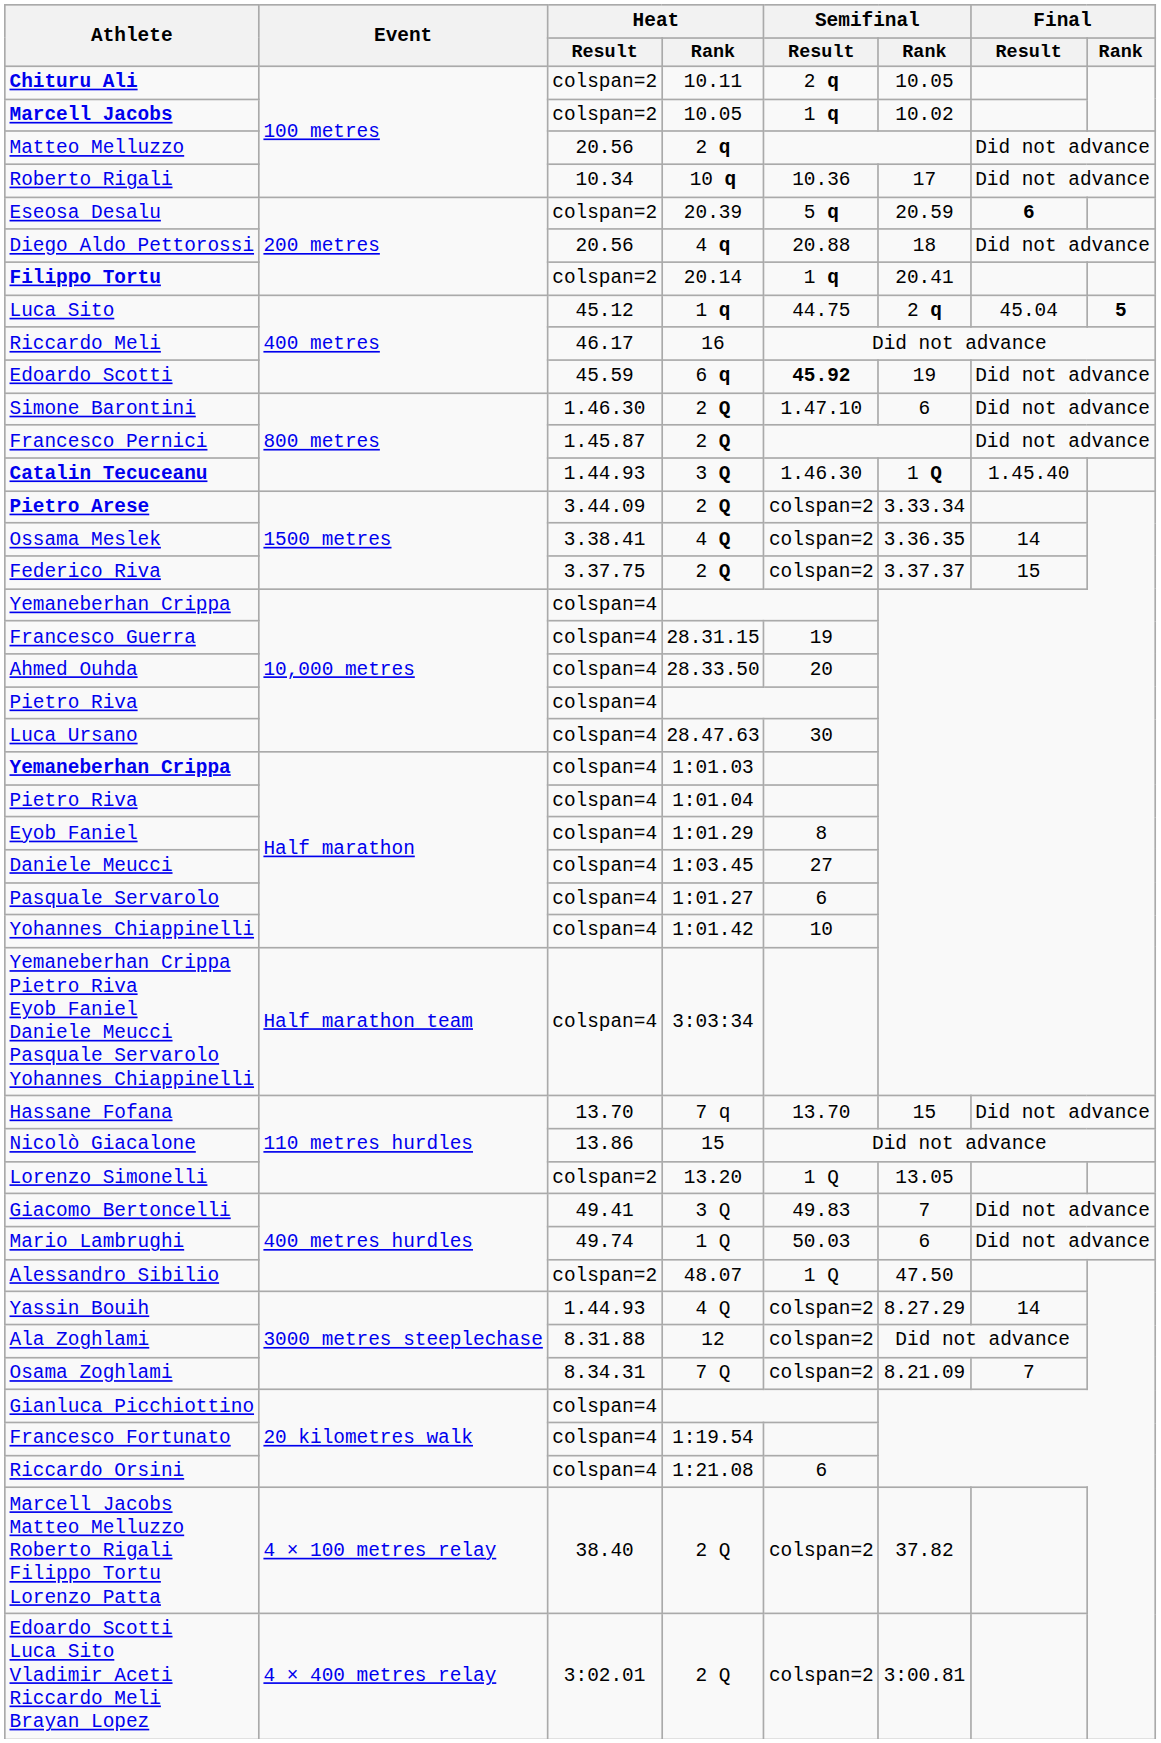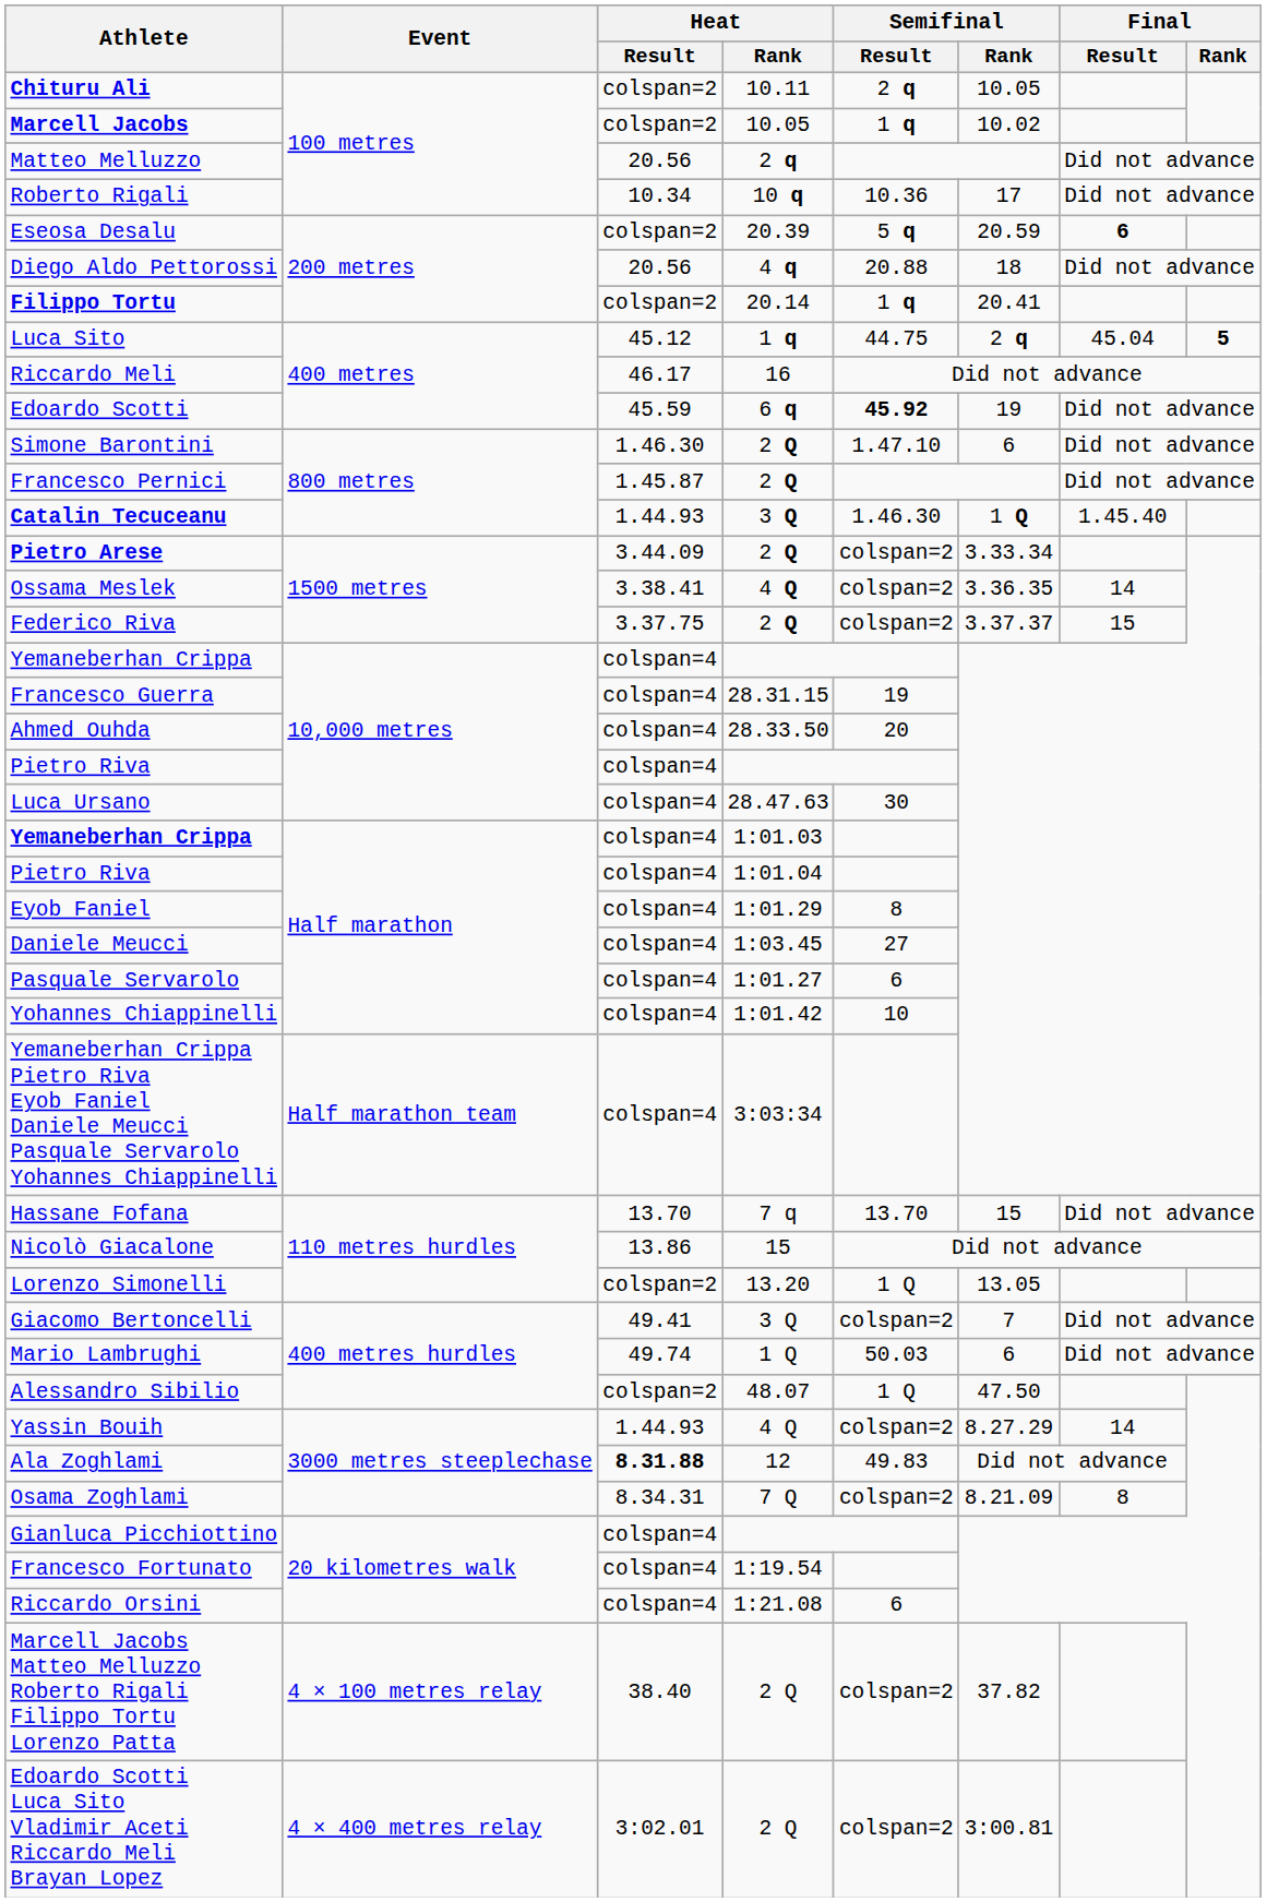 <table class=wikitable style=font-size:90%>
 <tr>
 <th rowspan=2>Athlete</th>
 <th rowspan=2>Event</th>
 <th colspan=2>Heat</th>
 <th colspan=2>Semifinal</th>
 <th colspan=2>Final</th>
 </tr>
 <tr style=font-size:95%>
 <th>Result</th>
 <th>Rank</th>
 <th>Result</th>
 <th>Rank</th>
 <th>Result</th>
 <th>Rank</th>
 </tr>
 <tr align=center>
 <td align=left><strong><a href='#'>Chituru Ali</a></strong></td>
 <td align=left rowspan=4><a href='#'>100 metres</a></td>
 <td>colspan=2</td>
 <td>10.11</td>
 <td>2 <strong>q</strong></td>
 <td>10.05 </td>
 <td></td>
 </tr>
 <tr align=center>
 <td align=left><strong><a href='#'>Marcell Jacobs</a></strong></td>
 <td>colspan=2</td>
 <td>10.05</td>
 <td>1 <strong>q</strong></td>
 <td>10.02 </td>
 <td></td>
 </tr>
 <tr align=center>
 <td align=left><a href='#'>Matteo Melluzzo</a></td>
 <td>20.56 </td>
 <td>2 <strong>q</strong></td>
 <td colspan=2></td>
 <td colspan=2>Did not advance</td>
 </tr>
 <tr align=center>
 <td align=left><a href='#'>Roberto Rigali</a></td>
 <td>10.34</td>
 <td>10 <strong>q</strong></td>
 <td>10.36</td>
 <td>17</td>
 <td colspan=2>Did not advance</td>
 </tr>
 <tr align=center>
 <td align=left><a href='#'>Eseosa Desalu</a></td>
 <td align=left rowspan=3><a href='#'>200 metres</a></td>
 <td>colspan=2</td>
 <td>20.39 </td>
 <td>5 <strong>q</strong></td>
 <td>20.59</td>
 <td><strong>6</strong></td>
 </tr>
 <tr align=center>
 <td align=left><a href='#'>Diego Aldo Pettorossi</a></td>
 <td>20.56 </td>
 <td>4 <strong>q</strong></td>
 <td>20.88</td>
 <td>18</td>
 <td colspan=2>Did not advance</td>
 </tr>
 <tr align=center>
 <td align=left><strong><a href='#'>Filippo Tortu</a></strong></td>
 <td>colspan=2</td>
 <td>20.14 </td>
 <td>1 <strong>q</strong></td>
 <td>20.41</td>
 <td></td>
 </tr>
 <tr align=center>
 <td align=left><a href='#'>Luca Sito</a></td>
 <td align=left rowspan=3><a href='#'>400 metres</a></td>
 <td>45.12</td>
 <td>1 <strong>q</strong></td>
 <td>44.75 </td>
 <td>2 <strong>q</strong></td>
 <td>45.04</td>
 <td><strong>5</strong></td>
 </tr>
 <tr align=center>
 <td align=left><a href='#'>Riccardo Meli</a></td>
 <td>46.17 </td>
 <td>16</td>
 <td colspan=4>Did not advance</td>
 </tr>
 <tr align=center>
 <td align=left><a href='#'>Edoardo Scotti</a></td>
 <td>45.59</td>
 <td>6 <strong>q</strong></td>
 <td><strong>45.92</strong></td>
 <td>19</td>
 <td colspan=2>Did not advance</td>
 </tr>
 <tr align=center>
 <td align=left><a href='#'>Simone Barontini</a></td>
 <td align=left rowspan=3><a href='#'>800 metres</a></td>
 <td>1.46.30</td>
 <td>2 <strong>Q</strong></td>
 <td>1.47.10</td>
 <td>6</td>
 <td colspan=2>Did not advance</td>
 </tr>
 <tr align=center>
 <td align=left><a href='#'>Francesco Pernici</a></td>
 <td>1.45.87</td>
 <td>2 <strong>Q</strong></td>
 <td colspan=2></td>
 <td colspan=2>Did not advance</td>
 </tr>
 <tr align=center>
 <td align=left><strong><a href='#'>Catalin Tecuceanu</a></strong></td>
 <td>1.44.93</td>
 <td>3 <strong>Q</strong></td>
 <td>1.46.30</td>
 <td>1 <strong>Q</strong></td>
 <td>1.45.40</td>
 <td></td>
 </tr>
 <tr align=center>
 <td align=left><strong><a href='#'>Pietro Arese</a></strong></td>
 <td align=left rowspan=3><a href='#'>1500 metres</a></td>
 <td>3.44.09</td>
 <td>2 <strong>Q</strong></td>
 <td>colspan=2</td>
 <td>3.33.34</td>
 <td></td>
 </tr>
 <tr align=center>
 <td align=left><a href='#'>Ossama Meslek</a></td>
 <td>3.38.41</td>
 <td>4 <strong>Q</strong></td>
 <td>colspan=2</td>
 <td>3.36.35</td>
 <td>14</td>
 </tr>
 <tr align=center>
 <td align=left><a href='#'>Federico Riva</a></td>
 <td>3.37.75</td>
 <td>2 <strong>Q</strong></td>
 <td>colspan=2</td>
 <td>3.37.37</td>
 <td>15</td>
 </tr>
 <tr align=center>
 <td align=left><a href='#'>Yemaneberhan Crippa</a></td>
 <td align=left rowspan=5><a href='#'>10,000 metres</a></td>
 <td>colspan=4</td>
 <td colspan=2></td>
 </tr>
 <tr align=center>
 <td align=left><a href='#'>Francesco Guerra</a></td>
 <td>colspan=4</td>
 <td>28.31.15</td>
 <td>19</td>
 </tr>
 <tr align=center>
 <td align=left><a href='#'>Ahmed Ouhda</a></td>
 <td>colspan=4</td>
 <td>28.33.50</td>
 <td>20</td>
 </tr>
 <tr align=center>
 <td align=left><a href='#'>Pietro Riva</a></td>
 <td>colspan=4</td>
 <td colspan=2></td>
 </tr>
 <tr align=center>
 <td align=left><a href='#'>Luca Ursano</a></td>
 <td>colspan=4</td>
 <td>28.47.63</td>
 <td>30</td>
 </tr>
 <tr align=center>
 <td align=left><strong><a href='#'>Yemaneberhan Crippa</a><em></td>
 <td align=left rowspan=6><a href='#'>Half marathon</a></td>
 <td>colspan=4</td>
 <td>1:01.03 </td>
 <td></td>
 </tr>
 <tr align=center>
 <td align=left></strong><a href='#'>Pietro Riva</a><strong></td>
 <td>colspan=4</td>
 <td>1:01.04 </td>
 <td></td>
 </tr>
 <tr align=center>
 <td align=left><a href='#'>Eyob Faniel</a></td>
 <td>colspan=4</td>
 <td>1:01.29 </td>
 <td></strong>8<strong></td>
 </tr>
 <tr align=center>
 <td align=left><a href='#'>Daniele Meucci</a></td>
 <td>colspan=4</td>
 <td>1:03.45 </td>
 <td>27</td>
 </tr>
 <tr align=center>
 <td align=left><a href='#'>Pasquale Servarolo</a></td>
 <td>colspan=4</td>
 <td>1:01.27 </td>
 <td></strong>6<strong></td>
 </tr>
 <tr align=center>
 <td align=left><a href='#'>Yohannes Chiappinelli</a></td>
 <td>colspan=4</td>
 <td>1:01.42 </td>
 <td>10</td>
 </tr>
 <tr align=center>
 <td align=left></strong><a href='#'>Yemaneberhan Crippa</a><strong><br></strong><a href='#'>Pietro Riva</a><strong><br></strong><a href='#'>Eyob Faniel</a><strong><br></strong><a href='#'>Daniele Meucci</a><strong><br></strong><a href='#'>Pasquale Servarolo</a><strong><br></strong><a href='#'>Yohannes Chiappinelli</a><strong></td>
 <td align=left><a href='#'>Half marathon team</a></td>
 <td>colspan=4</td>
 <td>3:03:34</td>
 <td></td>
 </tr>
 <tr align=center>
 <td align=left><a href='#'>Hassane Fofana</a></td>
 <td align=left rowspan=3><a href='#'>110 metres hurdles</a></td>
 <td>13.70 </td>
 <td>7 </strong>q<strong></td>
 <td>13.70</td>
 <td>15</td>
 <td colspan=2>Did not advance</td>
 </tr>
 <tr align=center>
 <td align=left><a href='#'>Nicolò Giacalone</a></td>
 <td>13.86</td>
 <td>15</td>
 <td colspan=4>Did not advance</td>
 </tr>
 <tr align=center>
 <td align=left></strong><a href='#'>Lorenzo Simonelli</a><strong></td>
 <td>colspan=2</td>
 <td>13.20 </td>
 <td>1 </strong>Q<strong></td>
 <td>13.05 </td>
 <td></td>
 </tr>
 <tr align=center>
 <td align=left><a href='#'>Giacomo Bertoncelli</a></td>
 <td align=left rowspan=3><a href='#'>400 metres hurdles</a></td>
 <td>49.41</td>
 <td>3 </strong>Q<strong></td>
-<td>49.83</td>
+<td>colspan=2</td>
 <td>7</td>
 <td colspan=2>Did not advance</td>
 </tr>
 <tr align=center>
 <td align=left><a href='#'>Mario Lambrughi</a></td>
 <td>49.74 </td>
 <td>1 </strong>Q<strong></td>
 <td>50.03</td>
 <td>6</td>
 <td colspan=2>Did not advance</td>
 </tr>
 <tr align=center>
 <td align=left></strong><a href='#'>Alessandro Sibilio</a><strong></td>
 <td>colspan=2</td>
 <td>48.07</td>
 <td>1 </strong>Q<strong></td>
 <td>47.50 </td>
 <td></td>
 </tr>
 <tr align=center>
 <td align=left><a href='#'>Yassin Bouih</a></td>
 <td align=left rowspan=3><a href='#'>3000 metres steeplechase</a></td>
 <td>1.44.93</td>
 <td>4 </strong>Q<strong></td>
 <td>colspan=2</td>
 <td>8.27.29</td>
 <td>14</td>
 </tr>
 <tr align=center>
 <td align=left><a href='#'>Ala Zoghlami</a></td>
-<td>8.31.88</td>
+<td><strong>8.31.88</strong></td>
 <td>12</td>
-<td>colspan=2</td>
+<td>49.83</td>
 <td colspan=2>Did not advance</td>
 </tr>
 <tr align=center>
 <td align=left><a href='#'>Osama Zoghlami</a></td>
 <td>8.34.31</td>
 <td>7 </strong>Q<strong></td>
 <td>colspan=2</td>
 <td>8.21.09</td>
-<td></strong>7<strong></td>
+<td></strong>8<strong></td>
 </tr>
 <tr align=center>
 <td align=left><a href='#'>Gianluca Picchiottino</a></td>
 <td align=left rowspan=3><a href='#'>20 kilometres walk</a></td>
 <td>colspan=4</td>
 <td colspan=2></td>
 </tr>
 <tr align=center>
 <td align=left></strong><a href='#'>Francesco Fortunato</a><strong></td>
 <td>colspan=4</td>
 <td>1:19.54 </td>
 <td></td>
 </tr>
 <tr align=center>
 <td align=left><a href='#'>Riccardo Orsini</a></td>
 <td>colspan=4</td>
 <td>1:21.08</td>
 <td></strong>6<strong></td>
 </tr>
 <tr align=center>
 <td align=left></strong><a href='#'>Marcell Jacobs</a><strong><br></strong><a href='#'>Matteo Melluzzo</a><strong><br></strong><a href='#'>Roberto Rigali</a><strong><br></strong><a href='#'>Filippo Tortu</a><strong><br></strong><a href='#'>Lorenzo Patta</a><strong></td>
 <td align=left><a href='#'>4 × 100 metres relay</a></td>
 <td>38.40 </td>
 <td>2 </strong>Q<strong></td>
 <td>colspan=2</td>
 <td>37.82</td>
 <td></td>
 </tr>
 <tr align=center>
 <td align=left></strong><a href='#'>Edoardo Scotti</a><strong><br></strong><a href='#'>Luca Sito</a><strong><br></strong><a href='#'>Vladimir Aceti</a><strong><br></strong><a href='#'>Riccardo Meli</a><strong><br></strong><a href='#'>Brayan Lopez</a><strong></td>
 <td align=left><a href='#'>4 × 400 metres relay</a></td>
 <td>3:02.01</td>
 <td>2 </strong>Q<strong></td>
 <td>colspan=2</td>
 <td>3:00.81 </td>
 <td></td>
 </tr>
 </table>
